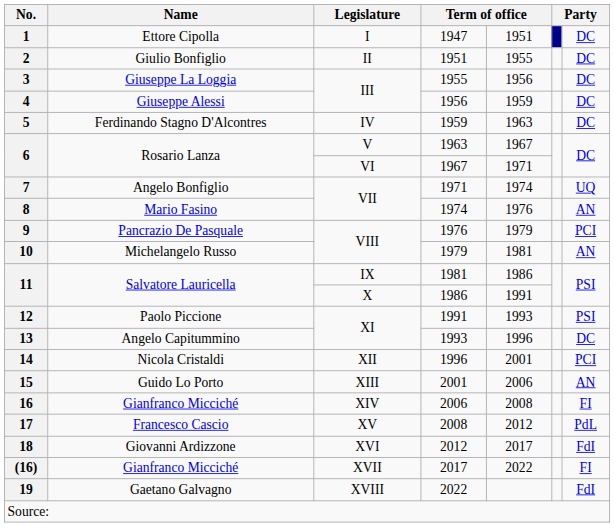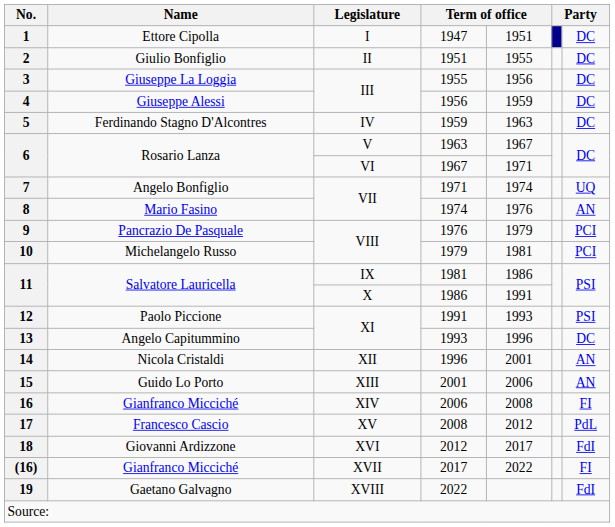 <table class="wikitable" style="text-align:center; width:45%; border:1px #AAAAFF solid">
 <tr>
 <th>No.</th>
 <th>Name</th>
 <th>Legislature</th>
 <th colspan=2>Term of office</th>
 <th colspan=2>Party</th>
 </tr>
 <tr>
 <th>1</th>
 <td>Ettore Cipolla</td>
 <td>I</td>
 <td>1947</td>
 <td>1951</td>
 <td style="background:#00008B; "></td>
 <td><a href='#'>DC</a></td>
 </tr>
 <tr>
 <th>2</th>
 <td>Giulio Bonfiglio</td>
 <td>II</td>
 <td>1951</td>
 <td>1955</td>
 <td style="background:"></td>
 <td><a href='#'>DC</a></td>
 </tr>
 <tr>
 <th>3</th>
 <td><a href='#'>Giuseppe La Loggia</a></td>
 <td rowspan="2">III</td>
 <td>1955</td>
 <td>1956</td>
 <td style="background:"></td>
 <td><a href='#'>DC</a></td>
 </tr>
 <tr>
 <th>4</th>
 <td><a href='#'>Giuseppe Alessi</a></td>
 <td>1956</td>
 <td>1959</td>
 <td style="background:"></td>
 <td><a href='#'>DC</a></td>
 </tr>
 <tr>
 <th>5</th>
 <td>Ferdinando Stagno D'Alcontres</td>
 <td>IV</td>
 <td>1959</td>
 <td>1963</td>
 <td style="background:"></td>
 <td><a href='#'>DC</a></td>
 </tr>
 <tr>
 <th rowspan=2>6</th>
 <td rowspan=2>Rosario Lanza</td>
 <td>V</td>
 <td>1963</td>
 <td>1967</td>
 <td rowspan=2 style="background:"></td>
 <td rowspan=2><a href='#'>DC</a></td>
 </tr>
 <tr>
 <td>VI</td>
 <td>1967</td>
 <td>1971</td>
 </tr>
 <tr>
 <th>7</th>
 <td>Angelo Bonfiglio</td>
 <td rowspan="2">VII</td>
 <td>1971</td>
 <td>1974</td>
 <td style="background:"></td>
 <td><a href='#'>UQ</a></td>
 </tr>
 <tr>
 <th>8</th>
 <td><a href='#'>Mario Fasino</a></td>
 <td>1974</td>
 <td>1976</td>
 <td style="background:"></td>
 <td><a href='#'>AN</a></td>
 </tr>
 <tr>
 <th>9</th>
 <td><a href='#'>Pancrazio De Pasquale</a></td>
 <td rowspan="2">VIII</td>
 <td>1976</td>
 <td>1979</td>
 <td style="background:"></td>
 <td><a href='#'>PCI</a></td>
 </tr>
 <tr>
 <th>10</th>
 <td>Michelangelo Russo</td>
 <td>1979</td>
 <td>1981</td>
 <td style="background:"></td>
-<td><a href='#'>AN</a></td>
+<td><a href='#'>PCI</a></td>
 </tr>
 <tr>
 <th rowspan=2>11</th>
 <td rowspan=2><a href='#'>Salvatore Lauricella</a></td>
 <td>IX</td>
 <td>1981</td>
 <td>1986</td>
 <td rowspan=2 style="background:"></td>
 <td rowspan=2><a href='#'>PSI</a></td>
 </tr>
 <tr>
 <td>X</td>
 <td>1986</td>
 <td>1991</td>
 </tr>
 <tr>
 <th>12</th>
 <td>Paolo Piccione</td>
 <td rowspan=2>XI</td>
 <td>1991</td>
 <td>1993</td>
 <td style="background:"></td>
 <td><a href='#'>PSI</a></td>
 </tr>
 <tr>
 <th>13</th>
 <td>Angelo Capitummino</td>
 <td>1993</td>
 <td>1996</td>
 <td style="background:"></td>
 <td><a href='#'>DC</a></td>
 </tr>
 <tr>
 <th>14</th>
 <td>Nicola Cristaldi</td>
 <td>XII</td>
 <td>1996</td>
 <td>2001</td>
 <td style="background:"></td>
-<td><a href='#'>PCI</a></td>
+<td><a href='#'>AN</a></td>
 </tr>
 <tr>
 <th>15</th>
 <td>Guido Lo Porto</td>
 <td>XIII</td>
 <td>2001</td>
 <td>2006</td>
 <td style="background:"></td>
 <td><a href='#'>AN</a></td>
 </tr>
 <tr>
 <th>16</th>
 <td><a href='#'>Gianfranco Micciché</a></td>
 <td>XIV</td>
 <td>2006</td>
 <td>2008</td>
 <td style="background:"></td>
 <td><a href='#'>FI</a></td>
 </tr>
 <tr>
 <th>17</th>
 <td><a href='#'>Francesco Cascio</a></td>
 <td>XV</td>
 <td>2008</td>
 <td>2012</td>
 <td style="background:"></td>
 <td><a href='#'>PdL</a></td>
 </tr>
 <tr>
 <th>18</th>
 <td>Giovanni Ardizzone</td>
 <td>XVI</td>
 <td>2012</td>
 <td>2017</td>
 <td style="background:"></td>
 <td><a href='#'>FdI</a></td>
 </tr>
 <tr>
 <th>(16)</th>
 <td><a href='#'>Gianfranco Micciché</a></td>
 <td>XVII</td>
 <td>2017</td>
 <td>2022</td>
 <td style="background:"></td>
 <td><a href='#'>FI</a></td>
 </tr>
 <tr>
 <th>19</th>
 <td>Gaetano Galvagno</td>
 <td>XVIII</td>
 <td>2022</td>
 <td></td>
 <td style="background:"></td>
 <td><a href='#'>FdI</a></td>
 </tr>
 <tr>
 <td align="left" colspan=7>Source: </td>
 </tr>
 </table>
